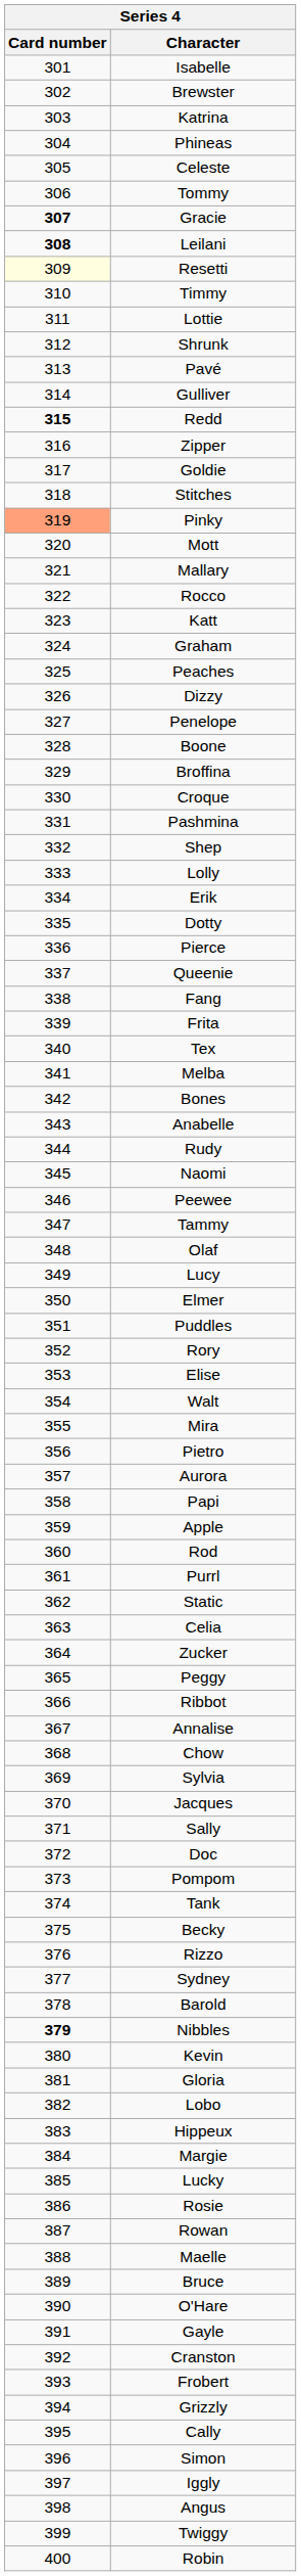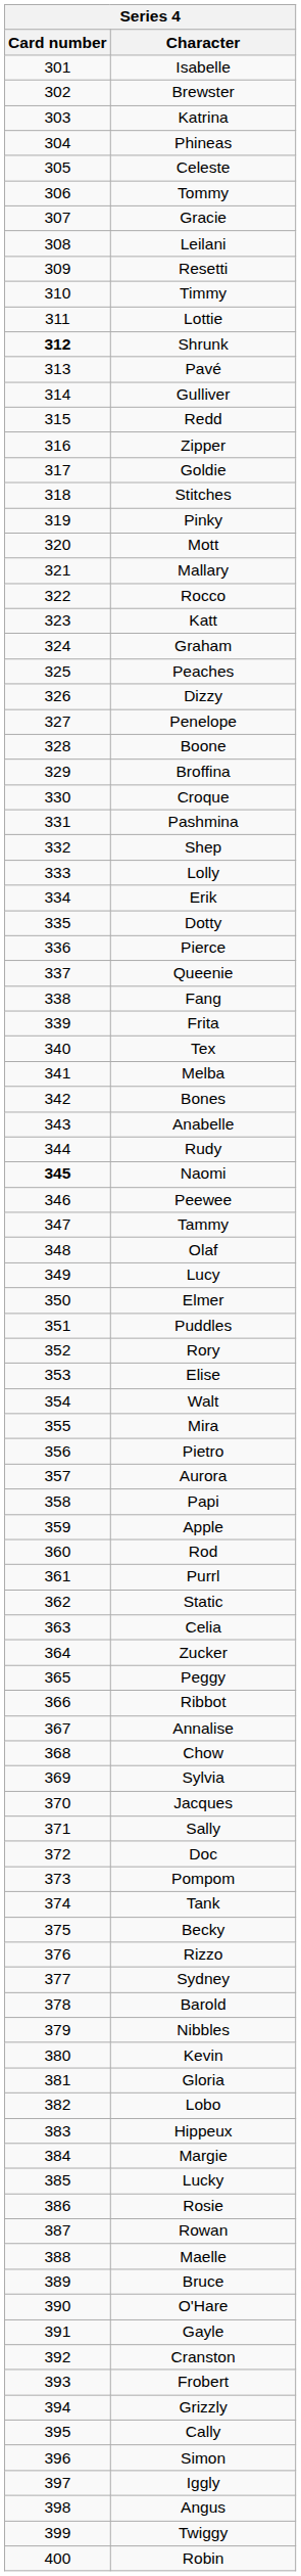 <table class="wikitable collapsible collapsed sortable" style="text-align:center;">
 <tr>
 <th colspan="2">Series 4</th>
 </tr>
 <tr>
 <th>Card number</th>
 <th style="width:180px">Character</th>
 </tr>
 <tr>
 <td>301</td>
 <td>Isabelle</td>
 </tr>
 <tr>
 <td>302</td>
 <td>Brewster</td>
 </tr>
 <tr>
 <td>303</td>
 <td>Katrina</td>
 </tr>
 <tr>
 <td>304</td>
 <td>Phineas</td>
 </tr>
 <tr>
 <td>305</td>
 <td>Celeste</td>
 </tr>
 <tr>
 <td>306</td>
 <td>Tommy</td>
 </tr>
 <tr>
-<td><strong>307</strong></td>
+<td>307</td>
 <td>Gracie</td>
 </tr>
 <tr>
-<td><strong>308</strong></td>
+<td>308</td>
 <td>Leilani</td>
 </tr>
 <tr>
-<td style="background: lightyellow;">309</td>
+<td>309</td>
 <td>Resetti</td>
 </tr>
 <tr>
 <td>310</td>
 <td>Timmy</td>
 </tr>
 <tr>
 <td>311</td>
 <td>Lottie</td>
 </tr>
 <tr>
-<td>312</td>
+<td><strong>312</strong></td>
 <td>Shrunk</td>
 </tr>
 <tr>
 <td>313</td>
 <td>Pavé</td>
 </tr>
 <tr>
 <td>314</td>
 <td>Gulliver</td>
 </tr>
 <tr>
-<td><strong>315</strong></td>
+<td>315</td>
 <td>Redd</td>
 </tr>
 <tr>
 <td>316</td>
 <td>Zipper</td>
 </tr>
 <tr>
 <td>317</td>
 <td>Goldie</td>
 </tr>
 <tr>
 <td>318</td>
 <td>Stitches</td>
 </tr>
 <tr>
-<td style="background: lightsalmon;">319</td>
+<td>319</td>
 <td>Pinky</td>
 </tr>
 <tr>
 <td>320</td>
 <td>Mott</td>
 </tr>
 <tr>
 <td>321</td>
 <td>Mallary</td>
 </tr>
 <tr>
 <td>322</td>
 <td>Rocco</td>
 </tr>
 <tr>
 <td>323</td>
 <td>Katt</td>
 </tr>
 <tr>
 <td>324</td>
 <td>Graham</td>
 </tr>
 <tr>
 <td>325</td>
 <td>Peaches</td>
 </tr>
 <tr>
 <td>326</td>
 <td>Dizzy</td>
 </tr>
 <tr>
 <td>327</td>
 <td>Penelope</td>
 </tr>
 <tr>
 <td>328</td>
 <td>Boone</td>
 </tr>
 <tr>
 <td>329</td>
 <td>Broffina</td>
 </tr>
 <tr>
 <td>330</td>
 <td>Croque</td>
 </tr>
 <tr>
 <td>331</td>
 <td>Pashmina</td>
 </tr>
 <tr>
 <td>332</td>
 <td>Shep</td>
 </tr>
 <tr>
 <td>333</td>
 <td>Lolly</td>
 </tr>
 <tr>
 <td>334</td>
 <td>Erik</td>
 </tr>
 <tr>
 <td>335</td>
 <td>Dotty</td>
 </tr>
 <tr>
 <td>336</td>
 <td>Pierce</td>
 </tr>
 <tr>
 <td>337</td>
 <td>Queenie</td>
 </tr>
 <tr>
 <td>338</td>
 <td>Fang</td>
 </tr>
 <tr>
 <td>339</td>
 <td>Frita</td>
 </tr>
 <tr>
 <td>340</td>
 <td>Tex</td>
 </tr>
 <tr>
 <td>341</td>
 <td>Melba</td>
 </tr>
 <tr>
 <td>342</td>
 <td>Bones</td>
 </tr>
 <tr>
 <td>343</td>
 <td>Anabelle</td>
 </tr>
 <tr>
 <td>344</td>
 <td>Rudy</td>
 </tr>
 <tr>
-<td>345</td>
+<td><strong>345</strong></td>
 <td>Naomi</td>
 </tr>
 <tr>
 <td>346</td>
 <td>Peewee</td>
 </tr>
 <tr>
 <td>347</td>
 <td>Tammy</td>
 </tr>
 <tr>
 <td>348</td>
 <td>Olaf</td>
 </tr>
 <tr>
 <td>349</td>
 <td>Lucy</td>
 </tr>
 <tr>
 <td>350</td>
 <td>Elmer</td>
 </tr>
 <tr>
 <td>351</td>
 <td>Puddles</td>
 </tr>
 <tr>
 <td>352</td>
 <td>Rory</td>
 </tr>
 <tr>
 <td>353</td>
 <td>Elise</td>
 </tr>
 <tr>
 <td>354</td>
 <td>Walt</td>
 </tr>
 <tr>
 <td>355</td>
 <td>Mira</td>
 </tr>
 <tr>
 <td>356</td>
 <td>Pietro</td>
 </tr>
 <tr>
 <td>357</td>
 <td>Aurora</td>
 </tr>
 <tr>
 <td>358</td>
 <td>Papi</td>
 </tr>
 <tr>
 <td>359</td>
 <td>Apple</td>
 </tr>
 <tr>
 <td>360</td>
 <td>Rod</td>
 </tr>
 <tr>
 <td>361</td>
 <td>Purrl</td>
 </tr>
 <tr>
 <td>362</td>
 <td>Static</td>
 </tr>
 <tr>
 <td>363</td>
 <td>Celia</td>
 </tr>
 <tr>
 <td>364</td>
 <td>Zucker</td>
 </tr>
 <tr>
 <td>365</td>
 <td>Peggy</td>
 </tr>
 <tr>
 <td>366</td>
 <td>Ribbot</td>
 </tr>
 <tr>
 <td>367</td>
 <td>Annalise</td>
 </tr>
 <tr>
 <td>368</td>
 <td>Chow</td>
 </tr>
 <tr>
 <td>369</td>
 <td>Sylvia</td>
 </tr>
 <tr>
 <td>370</td>
 <td>Jacques</td>
 </tr>
 <tr>
 <td>371</td>
 <td>Sally</td>
 </tr>
 <tr>
 <td>372</td>
 <td>Doc</td>
 </tr>
 <tr>
 <td>373</td>
 <td>Pompom</td>
 </tr>
 <tr>
 <td>374</td>
 <td>Tank</td>
 </tr>
 <tr>
 <td>375</td>
 <td>Becky</td>
 </tr>
 <tr>
 <td>376</td>
 <td>Rizzo</td>
 </tr>
 <tr>
 <td>377</td>
 <td>Sydney</td>
 </tr>
 <tr>
 <td>378</td>
 <td>Barold</td>
 </tr>
 <tr>
-<td><strong>379</strong></td>
+<td>379</td>
 <td>Nibbles</td>
 </tr>
 <tr>
 <td>380</td>
 <td>Kevin</td>
 </tr>
 <tr>
 <td>381</td>
 <td>Gloria</td>
 </tr>
 <tr>
 <td>382</td>
 <td>Lobo</td>
 </tr>
 <tr>
 <td>383</td>
 <td>Hippeux</td>
 </tr>
 <tr>
 <td>384</td>
 <td>Margie</td>
 </tr>
 <tr>
 <td>385</td>
 <td>Lucky</td>
 </tr>
 <tr>
 <td>386</td>
 <td>Rosie</td>
 </tr>
 <tr>
 <td>387</td>
 <td>Rowan</td>
 </tr>
 <tr>
 <td>388</td>
 <td>Maelle</td>
 </tr>
 <tr>
 <td>389</td>
 <td>Bruce</td>
 </tr>
 <tr>
 <td>390</td>
 <td>O'Hare</td>
 </tr>
 <tr>
 <td>391</td>
 <td>Gayle</td>
 </tr>
 <tr>
 <td>392</td>
 <td>Cranston</td>
 </tr>
 <tr>
 <td>393</td>
 <td>Frobert</td>
 </tr>
 <tr>
 <td>394</td>
 <td>Grizzly</td>
 </tr>
 <tr>
 <td>395</td>
 <td>Cally</td>
 </tr>
 <tr>
 <td>396</td>
 <td>Simon</td>
 </tr>
 <tr>
 <td>397</td>
 <td>Iggly</td>
 </tr>
 <tr>
 <td>398</td>
 <td>Angus</td>
 </tr>
 <tr>
 <td>399</td>
 <td>Twiggy</td>
 </tr>
 <tr>
 <td>400</td>
 <td>Robin</td>
 </tr>
 </table>
